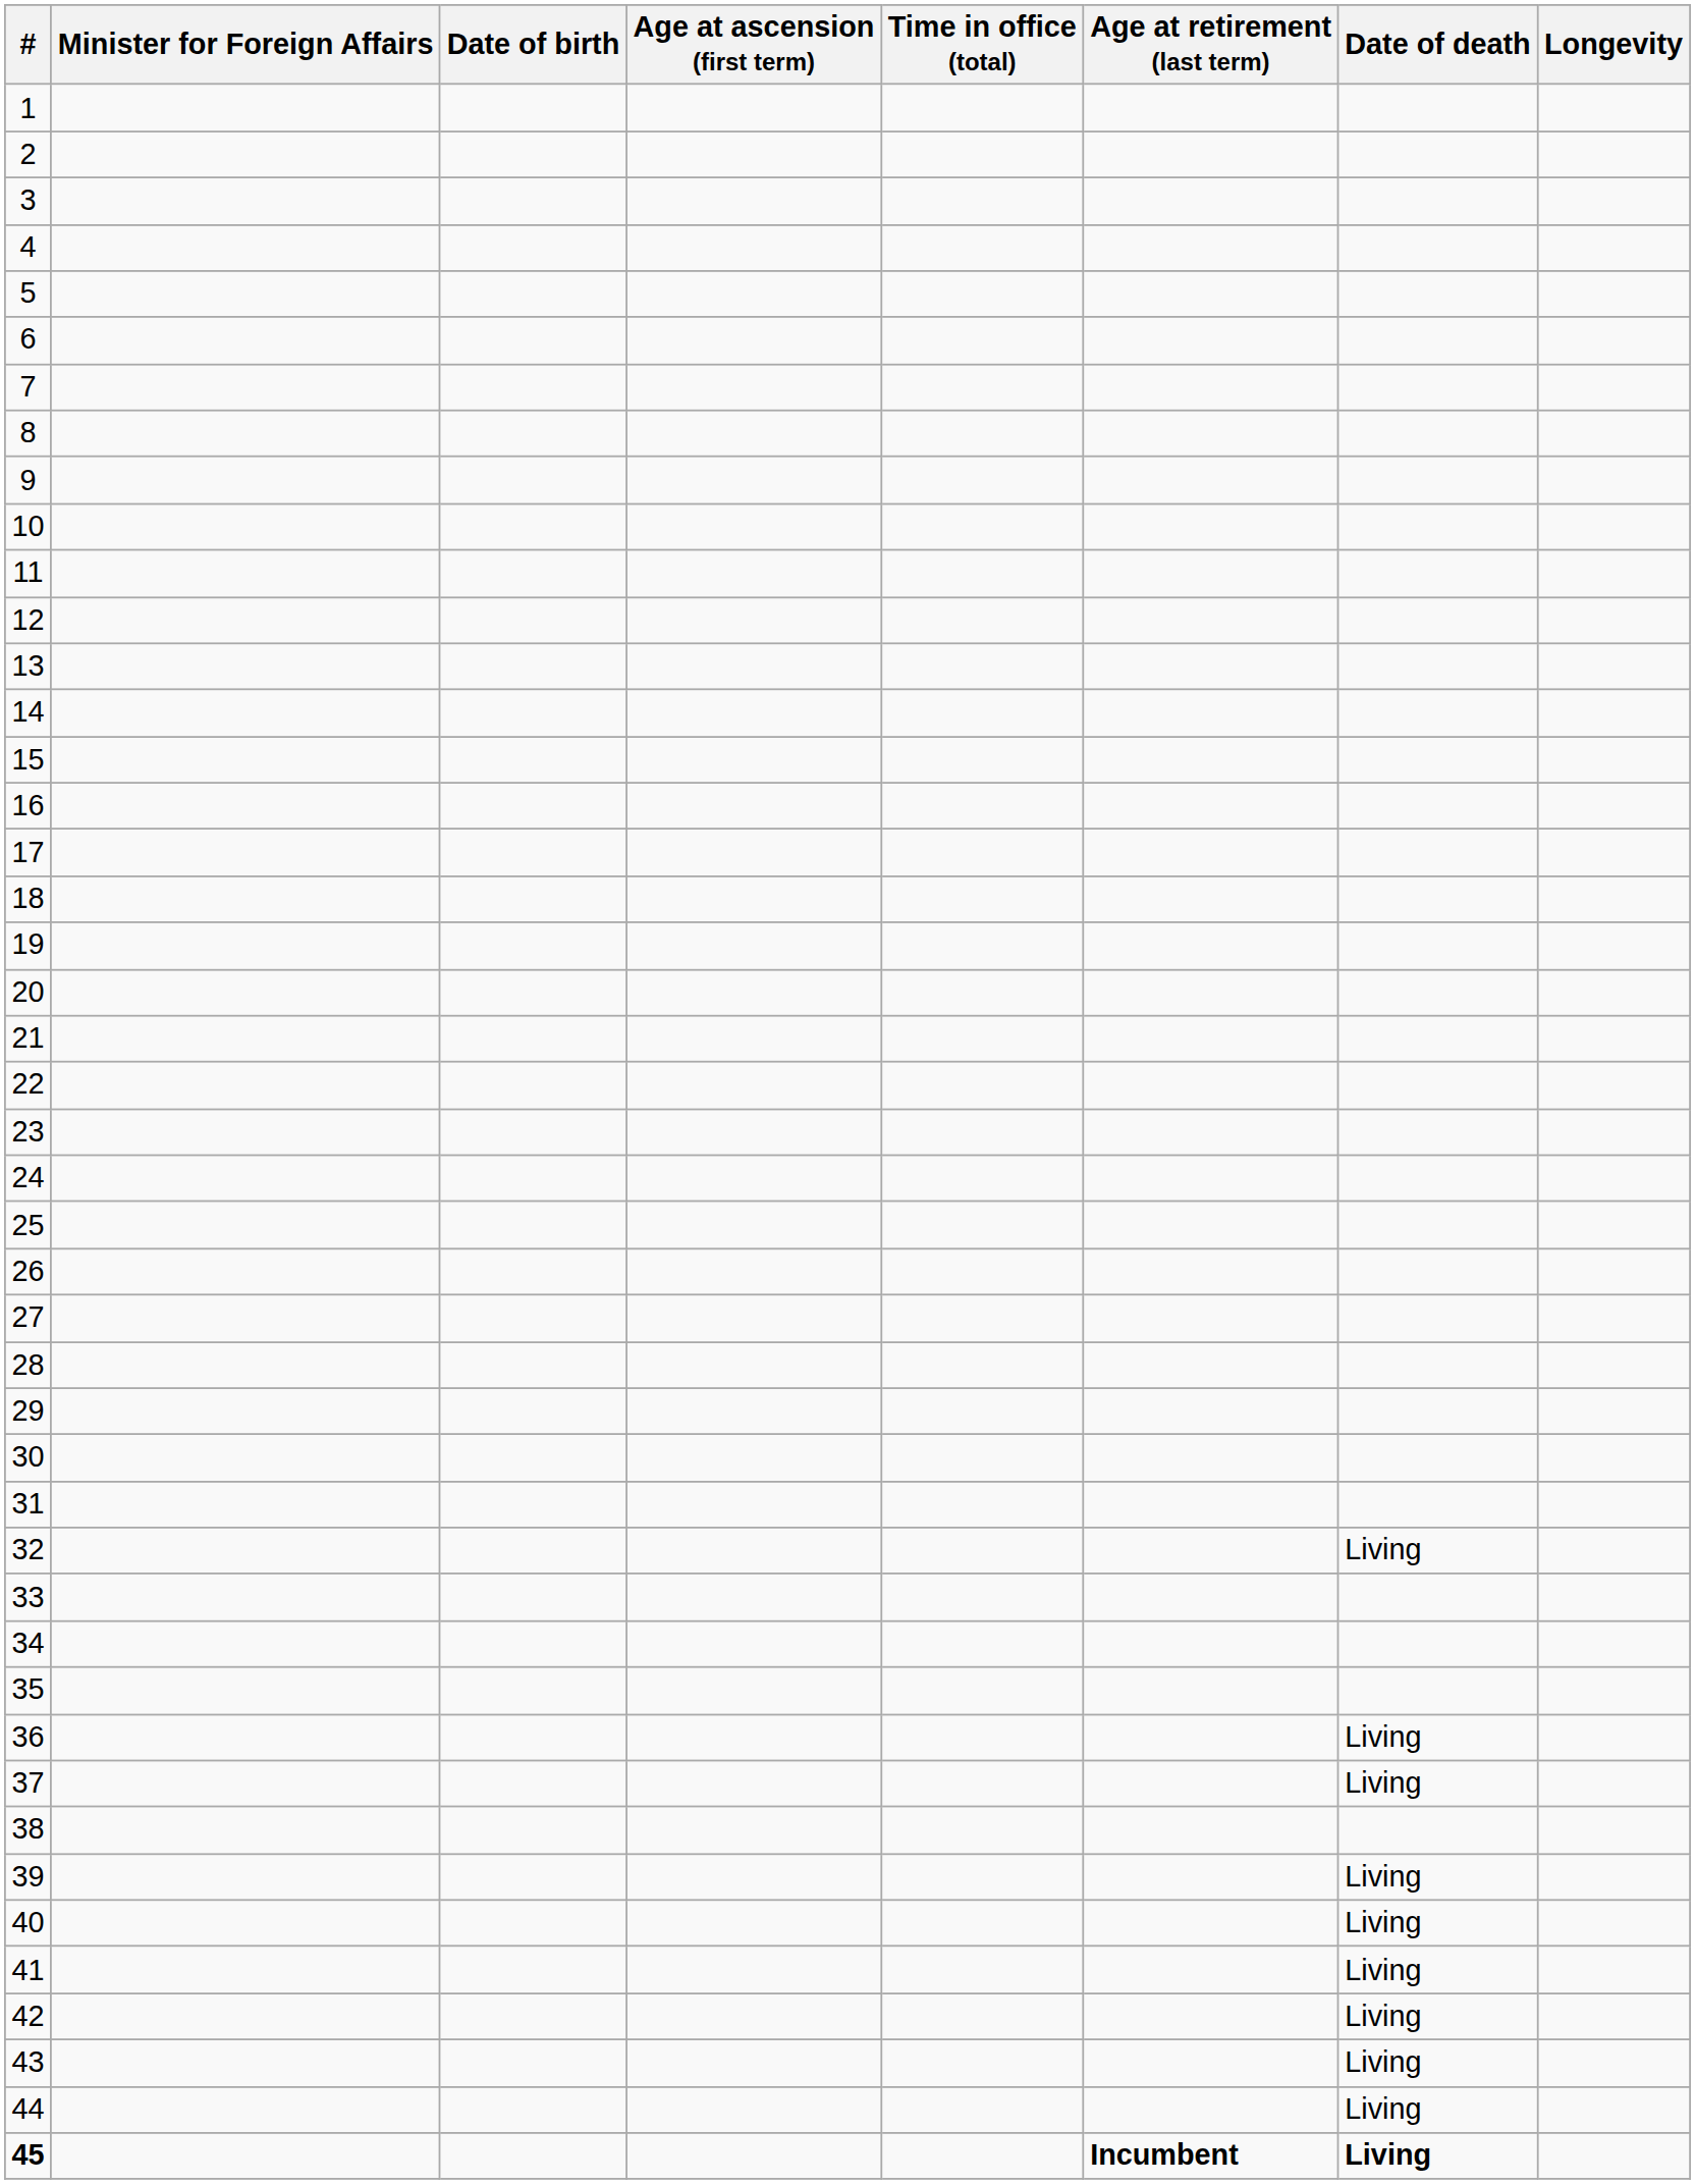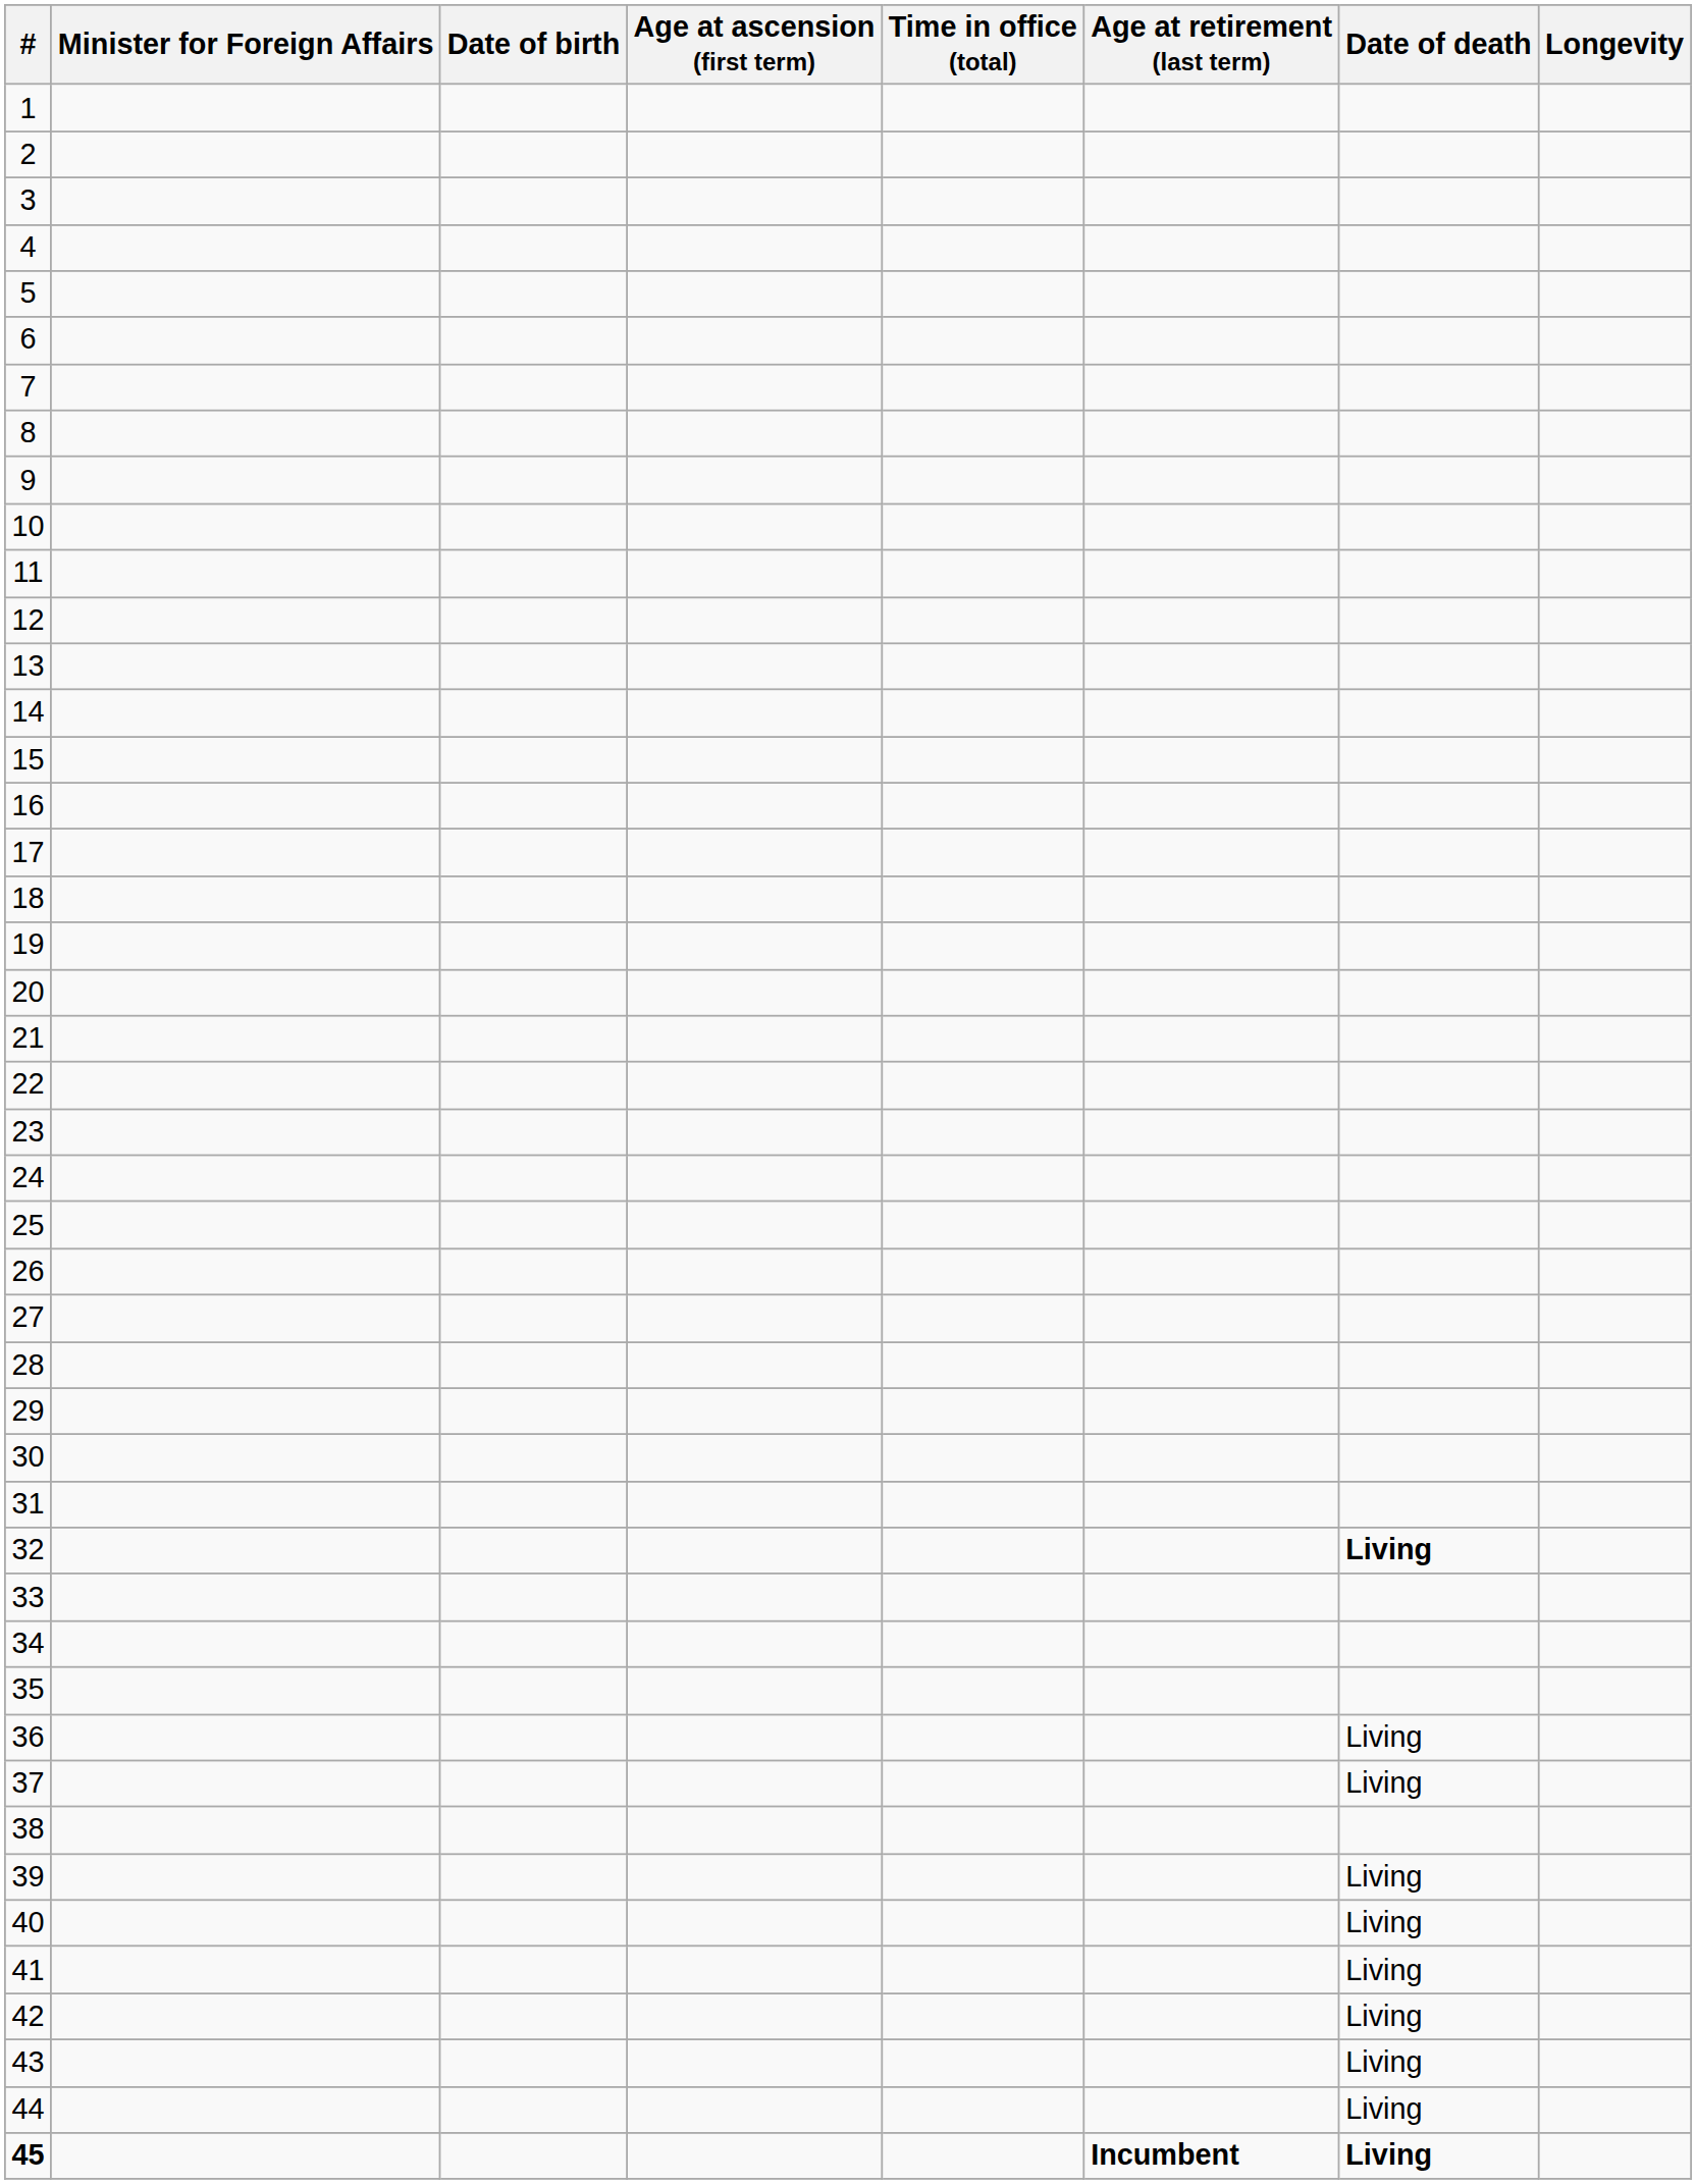 <table class="wikitable sortable" style="">
 <tr>
 <th>#</th>
 <th>Minister for Foreign Affairs</th>
 <th>Date of birth</th>
 <th>Age at ascension<br><small>(first term)</small></th>
 <th>Time in office<br><small>(total)</small></th>
 <th>Age at retirement<br><small>(last term)</small></th>
 <th>Date of death</th>
 <th>Longevity</th>
 </tr>
 <tr>
 <td align="center">1</td>
 <td></td>
 <td></td>
 <td></td>
 <td></td>
 <td></td>
 <td></td>
 <td></td>
 </tr>
 <tr>
 <td align="center">2</td>
 <td></td>
 <td></td>
 <td></td>
 <td></td>
 <td></td>
 <td></td>
 <td></td>
 </tr>
 <tr>
 <td align="center">3</td>
 <td></td>
 <td></td>
 <td></td>
 <td></td>
 <td></td>
 <td></td>
 <td></td>
 </tr>
 <tr>
 <td align="center">4</td>
 <td></td>
 <td></td>
 <td></td>
 <td></td>
 <td></td>
 <td></td>
 <td></td>
 </tr>
 <tr>
 <td align="center">5</td>
 <td></td>
 <td></td>
 <td></td>
 <td></td>
 <td></td>
 <td></td>
 <td></td>
 </tr>
 <tr>
 <td align="center">6</td>
 <td></td>
 <td></td>
 <td></td>
 <td></td>
 <td></td>
 <td></td>
 <td></td>
 </tr>
 <tr>
 <td align="center">7</td>
 <td></td>
 <td></td>
 <td></td>
 <td></td>
 <td></td>
 <td></td>
 <td></td>
 </tr>
 <tr>
 <td align="center">8</td>
 <td></td>
 <td></td>
 <td></td>
 <td></td>
 <td></td>
 <td></td>
 <td></td>
 </tr>
 <tr>
 <td align="center">9</td>
 <td></td>
 <td></td>
 <td></td>
 <td></td>
 <td></td>
 <td></td>
 <td></td>
 </tr>
 <tr>
 <td align="center">10</td>
 <td></td>
 <td></td>
 <td></td>
 <td></td>
 <td></td>
 <td></td>
 <td></td>
 </tr>
 <tr>
 <td align="center">11</td>
 <td></td>
 <td></td>
 <td></td>
 <td></td>
 <td></td>
 <td></td>
 <td></td>
 </tr>
 <tr>
 <td align="center">12</td>
 <td></td>
 <td></td>
 <td></td>
 <td></td>
 <td></td>
 <td></td>
 <td></td>
 </tr>
 <tr>
 <td align="center">13</td>
 <td></td>
 <td></td>
 <td></td>
 <td></td>
 <td></td>
 <td></td>
 <td></td>
 </tr>
 <tr>
 <td align="center">14</td>
 <td></td>
 <td></td>
 <td></td>
 <td></td>
 <td></td>
 <td></td>
 <td></td>
 </tr>
 <tr>
 <td align="center">15</td>
 <td></td>
 <td></td>
 <td></td>
 <td></td>
 <td></td>
 <td></td>
 <td></td>
 </tr>
 <tr>
 <td align="center">16</td>
 <td></td>
 <td></td>
 <td></td>
 <td></td>
 <td></td>
 <td></td>
 <td></td>
 </tr>
 <tr>
 <td align="center">17</td>
 <td></td>
 <td></td>
 <td></td>
 <td></td>
 <td></td>
 <td></td>
 <td></td>
 </tr>
 <tr>
 <td align="center">18</td>
 <td></td>
 <td></td>
 <td></td>
 <td></td>
 <td></td>
 <td></td>
 <td></td>
 </tr>
 <tr>
 <td align="center">19</td>
 <td></td>
 <td></td>
 <td></td>
 <td></td>
 <td></td>
 <td></td>
 <td></td>
 </tr>
 <tr>
 <td align="center">20</td>
 <td></td>
 <td></td>
 <td></td>
 <td></td>
 <td></td>
 <td></td>
 <td></td>
 </tr>
 <tr>
 <td align="center">21</td>
 <td></td>
 <td></td>
 <td></td>
 <td></td>
 <td></td>
 <td></td>
 <td></td>
 </tr>
 <tr>
 <td align="center">22</td>
 <td></td>
 <td></td>
 <td></td>
 <td></td>
 <td></td>
 <td></td>
 <td></td>
 </tr>
 <tr>
 <td align="center">23</td>
 <td></td>
 <td></td>
 <td></td>
 <td></td>
 <td></td>
 <td></td>
 <td></td>
 </tr>
 <tr>
 <td align="center">24</td>
 <td></td>
 <td></td>
 <td></td>
 <td></td>
 <td></td>
 <td></td>
 <td></td>
 </tr>
 <tr>
 <td align="center">25</td>
 <td></td>
 <td></td>
 <td></td>
 <td></td>
 <td></td>
 <td></td>
 <td></td>
 </tr>
 <tr>
 <td align="center">26</td>
 <td></td>
 <td></td>
 <td></td>
 <td></td>
 <td></td>
 <td></td>
 <td></td>
 </tr>
 <tr>
 <td align="center">27</td>
 <td></td>
 <td></td>
 <td></td>
 <td></td>
 <td></td>
 <td></td>
 <td></td>
 </tr>
 <tr>
 <td align="center">28</td>
 <td></td>
 <td></td>
 <td></td>
 <td></td>
 <td></td>
 <td></td>
 <td></td>
 </tr>
 <tr>
 <td align="center">29</td>
 <td></td>
 <td></td>
 <td></td>
 <td></td>
 <td></td>
 <td></td>
 <td></td>
 </tr>
 <tr>
 <td align="center">30</td>
 <td></td>
 <td></td>
 <td></td>
 <td></td>
 <td></td>
 <td></td>
 <td></td>
 </tr>
 <tr>
 <td align="center">31</td>
 <td></td>
 <td></td>
 <td></td>
 <td></td>
 <td></td>
 <td></td>
 <td></td>
 </tr>
 <tr>
 <td align="center">32</td>
 <td></td>
 <td></td>
 <td></td>
 <td></td>
 <td></td>
-<td>Living</td>
+<td><strong>Living</strong></td>
 <td></td>
 </tr>
 <tr>
 <td align="center">33</td>
 <td></td>
 <td></td>
 <td></td>
 <td></td>
 <td></td>
 <td></td>
 <td></td>
 </tr>
 <tr>
 <td align="center">34</td>
 <td></td>
 <td></td>
 <td></td>
 <td></td>
 <td></td>
 <td></td>
 <td></td>
 </tr>
 <tr>
 <td align="center">35</td>
 <td></td>
 <td></td>
 <td></td>
 <td></td>
 <td></td>
 <td></td>
 <td></td>
 </tr>
 <tr>
 <td align="center">36</td>
 <td></td>
 <td></td>
 <td></td>
 <td></td>
 <td></td>
 <td>Living</td>
 <td></td>
 </tr>
 <tr>
 <td align="center">37</td>
 <td></td>
 <td></td>
 <td></td>
 <td></td>
 <td></td>
 <td>Living</td>
 <td></td>
 </tr>
 <tr>
 <td align="center">38</td>
 <td></td>
 <td></td>
 <td></td>
 <td></td>
 <td></td>
 <td></td>
 <td></td>
 </tr>
 <tr>
 <td align="center">39</td>
 <td></td>
 <td></td>
 <td></td>
 <td></td>
 <td></td>
 <td>Living</td>
 <td></td>
 </tr>
 <tr>
 <td align="center">40</td>
 <td></td>
 <td></td>
 <td></td>
 <td></td>
 <td></td>
 <td>Living</td>
 <td></td>
 </tr>
 <tr>
 <td align="center">41</td>
 <td></td>
 <td></td>
 <td></td>
 <td></td>
 <td></td>
 <td>Living</td>
 <td></td>
 </tr>
 <tr>
 <td align="center">42</td>
 <td></td>
 <td></td>
 <td></td>
 <td></td>
 <td></td>
 <td>Living</td>
 <td></td>
 </tr>
 <tr>
 <td align="center">43</td>
 <td></td>
 <td></td>
 <td></td>
 <td></td>
 <td></td>
 <td>Living</td>
 <td></td>
 </tr>
 <tr>
 <td align="center">44</td>
 <td></td>
 <td></td>
 <td></td>
 <td></td>
 <td></td>
 <td>Living</td>
 <td></td>
 </tr>
 <tr>
 <td align="center"><strong>45</strong></td>
 <td><strong></strong></td>
 <td><strong></strong></td>
 <td><strong></strong></td>
 <td><strong></strong></td>
 <td><strong>Incumbent</strong></td>
 <td><strong>Living</strong></td>
 <td><strong></strong></td>
 </tr>
 </table>
